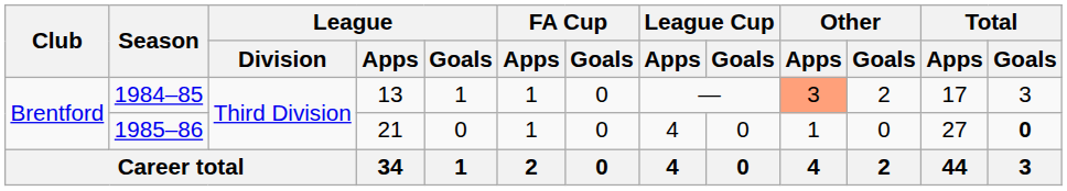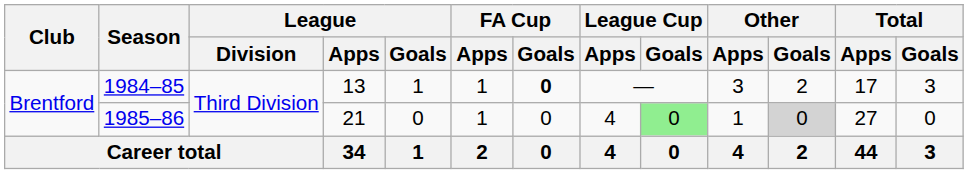 <table class="wikitable" style="text-align: center;">
 <tr>
 <th rowspan="2">Club</th>
 <th rowspan="2">Season</th>
 <th colspan="3">League</th>
 <th colspan="2">FA Cup</th>
 <th colspan="2">League Cup</th>
 <th colspan="2">Other</th>
 <th colspan="2">Total</th>
 </tr>
 <tr>
 <th>Division</th>
 <th>Apps</th>
 <th>Goals</th>
 <th>Apps</th>
 <th>Goals</th>
 <th>Apps</th>
 <th>Goals</th>
 <th>Apps</th>
 <th>Goals</th>
 <th>Apps</th>
 <th>Goals</th>
 </tr>
 <tr>
 <td rowspan="2"><a href='#'>Brentford</a></td>
 <td><a href='#'>1984–85</a></td>
 <td rowspan="2"><a href='#'>Third Division</a></td>
 <td>13</td>
 <td>1</td>
 <td>1</td>
-<td>0</td>
+<td><strong>0</strong></td>
 <td colspan="2">—</td>
-<td style="background: lightsalmon;">3</td>
+<td>3</td>
 <td>2</td>
 <td>17</td>
 <td>3</td>
 </tr>
 <tr>
 <td><a href='#'>1985–86</a></td>
 <td>21</td>
 <td>0</td>
 <td>1</td>
 <td>0</td>
 <td>4</td>
+<td style="background: lightgreen;">0</td>
+<td>1</td>
+<td style="background: lightgrey;">0</td>
+<td>27</td>
 <td>0</td>
-<td>1</td>
-<td>0</td>
-<td>27</td>
-<td><strong>0</strong></td>
 </tr>
 <tr>
 <th colspan="3">Career total</th>
 <th>34</th>
 <th>1</th>
 <th>2</th>
 <th>0</th>
 <th>4</th>
 <th>0</th>
 <th>4</th>
 <th>2</th>
 <th>44</th>
 <th>3</th>
 </tr>
 </table>
